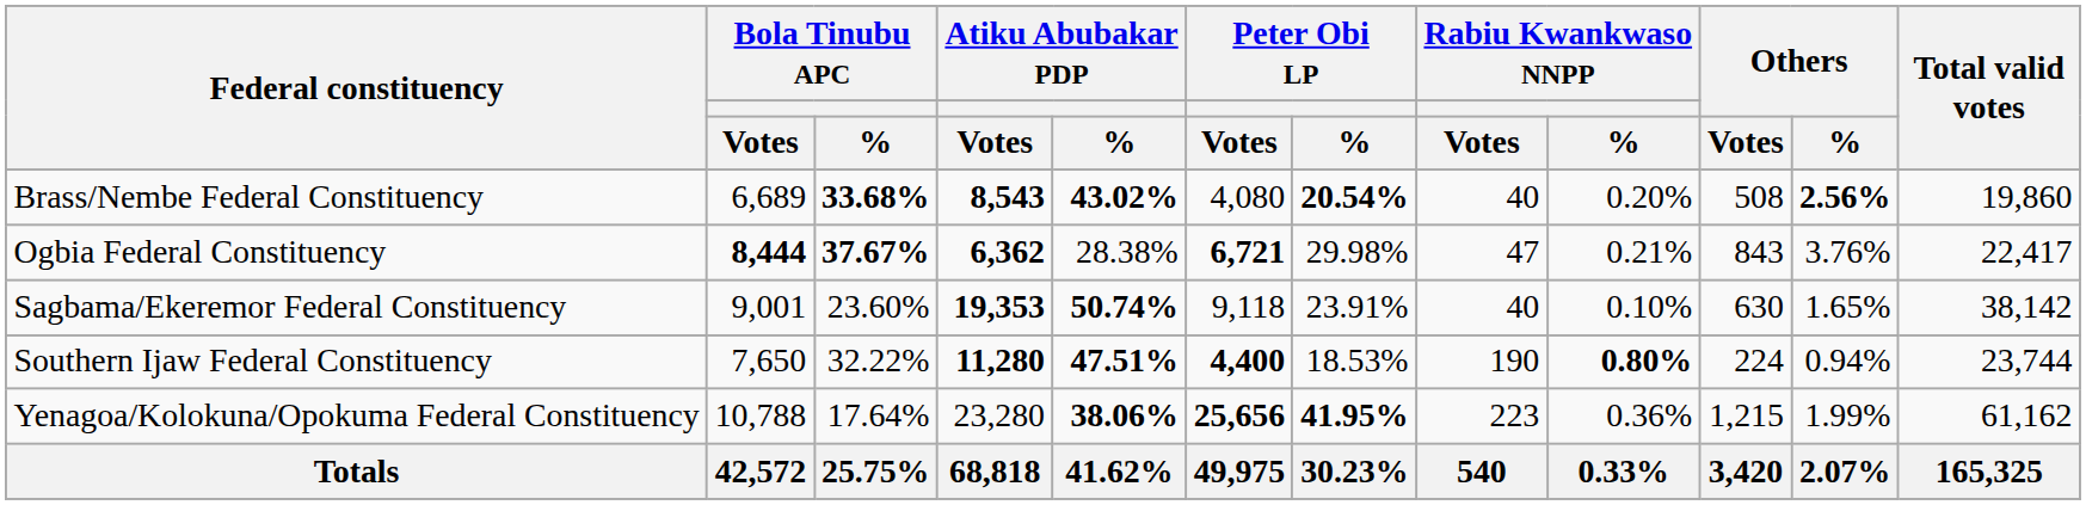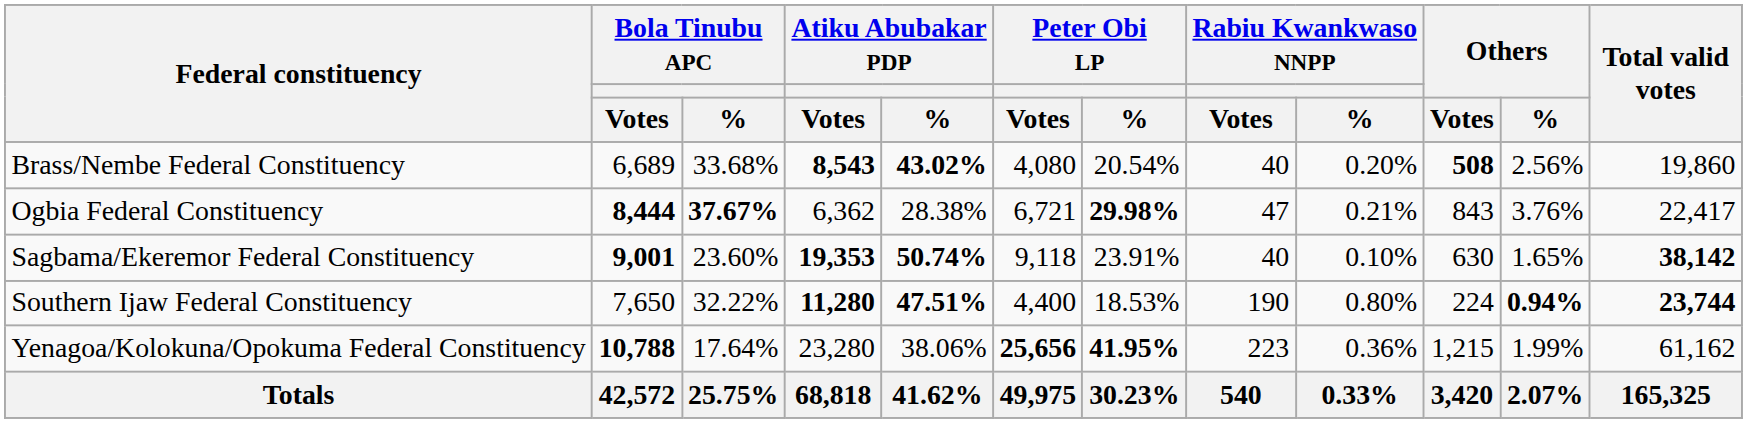 <table class="wikitable sortable" style="text-align:right; font-size:90%">
 <tr>
 <th rowspan="3" style="max-width:7.5em;">Federal constituency</th>
 <th colspan="2"><a href='#'>Bola Tinubu</a><br><small>APC</small></th>
 <th colspan="2"><a href='#'>Atiku Abubakar</a><br><small>PDP</small></th>
 <th colspan="2"><a href='#'>Peter Obi</a><br><small>LP</small></th>
 <th colspan="2"><a href='#'>Rabiu Kwankwaso</a><br><small>NNPP</small></th>
 <th colspan="2" rowspan="2">Others</th>
 <th rowspan="3" style="max-width:5em;">Total valid votes</th>
 </tr>
 <tr>
 <th colspan=2 style="background-color:"></th>
 <th colspan=2 style="background-color:"></th>
 <th colspan=2 style="background-color:"></th>
 <th colspan=2 style="background-color:"></th>
 </tr>
 <tr>
 <th>Votes</th>
 <th>%</th>
 <th>Votes</th>
 <th>%</th>
 <th>Votes</th>
 <th>%</th>
 <th>Votes</th>
 <th>%</th>
 <th>Votes</th>
 <th>%</th>
 </tr>
 <tr style="background-color:#">
 <td style="text-align:left;">Brass/Nembe Federal Constituency</td>
 <td>6,689</td>
-<td><strong>33.68%</strong></td>
+<td>33.68%</td>
 <td><strong>8,543</strong></td>
 <td><strong>43.02%</strong></td>
 <td>4,080</td>
-<td><strong>20.54%</strong></td>
+<td>20.54%</td>
 <td>40</td>
 <td>0.20%</td>
-<td>508</td>
-<td><strong>2.56%</strong></td>
+<td><strong>508</strong></td>
+<td>2.56%</td>
 <td>19,860</td>
 </tr>
 <tr style="background-color:#">
 <td style="text-align:left;">Ogbia Federal Constituency</td>
 <td><strong>8,444</strong></td>
 <td><strong>37.67%</strong></td>
-<td><strong>6,362</strong></td>
+<td>6,362</td>
 <td>28.38%</td>
-<td><strong>6,721</strong></td>
-<td>29.98%</td>
+<td>6,721</td>
+<td><strong>29.98%</strong></td>
 <td>47</td>
 <td>0.21%</td>
 <td>843</td>
 <td>3.76%</td>
 <td>22,417</td>
 </tr>
 <tr style="background-color:#">
 <td style="text-align:left;">Sagbama/Ekeremor Federal Constituency</td>
-<td>9,001</td>
+<td><strong>9,001</strong></td>
 <td>23.60%</td>
 <td><strong>19,353</strong></td>
 <td><strong>50.74%</strong></td>
 <td>9,118</td>
 <td>23.91%</td>
 <td>40</td>
 <td>0.10%</td>
 <td>630</td>
 <td>1.65%</td>
-<td>38,142</td>
+<td><strong>38,142</strong></td>
 </tr>
 <tr style="background-color:#">
 <td style="text-align:left;">Southern Ijaw Federal Constituency</td>
 <td>7,650</td>
 <td>32.22%</td>
 <td><strong>11,280</strong></td>
 <td><strong>47.51%</strong></td>
-<td><strong>4,400</strong></td>
+<td>4,400</td>
 <td>18.53%</td>
 <td>190</td>
-<td><strong>0.80%</strong></td>
+<td>0.80%</td>
 <td>224</td>
-<td>0.94%</td>
-<td>23,744</td>
+<td><strong>0.94%</strong></td>
+<td><strong>23,744</strong></td>
 </tr>
 <tr style="background-color:#">
 <td style="text-align:left;">Yenagoa/Kolokuna/Opokuma Federal Constituency</td>
-<td>10,788</td>
+<td><strong>10,788</strong></td>
 <td>17.64%</td>
 <td>23,280</td>
-<td><strong>38.06%</strong></td>
+<td>38.06%</td>
 <td><strong>25,656</strong></td>
 <td><strong>41.95%</strong></td>
 <td>223</td>
 <td>0.36%</td>
 <td>1,215</td>
 <td>1.99%</td>
 <td>61,162</td>
 </tr>
 <tr>
 <th>Totals</th>
 <th>42,572</th>
 <th>25.75%</th>
 <th>68,818</th>
 <th>41.62%</th>
 <th>49,975</th>
 <th>30.23%</th>
 <th>540</th>
 <th>0.33%</th>
 <th>3,420</th>
 <th>2.07%</th>
 <th>165,325</th>
 </tr>
 </table>
